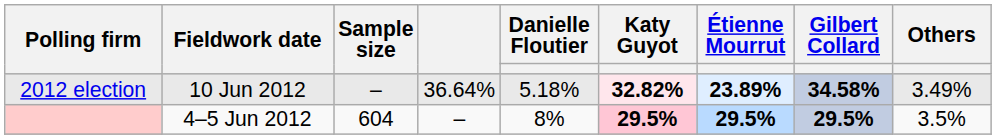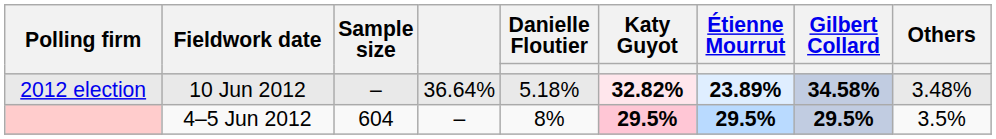 <table class="wikitable sortable" style="text-align:center;font-size:90%;line-height:14px;">
 <tr style="height:40px;">
 <th style="width:100px;" rowspan="2">Polling firm</th>
 <th style="width:110px;" rowspan="2">Fieldwork date</th>
 <th style="width:35px;" rowspan="2">Sample<br>size</th>
 <th style="width:30px;" rowspan="2"></th>
 <th class="unsortable" style="width:60px;">Danielle Floutier<br></th>
 <th class="unsortable" style="width:60px;">Katy Guyot<br></th>
 <th class="unsortable" style="width:60px;"><a href='#'>Étienne Mourrut</a><br></th>
 <th class="unsortable" style="width:60px;"><a href='#'>Gilbert Collard</a><br></th>
 <th class="unsortable" style="width:60px;">Others</th>
 </tr>
 <tr>
 <th style="background:"></th>
 <th style="background:"></th>
 <th style="background:"></th>
 <th style="background:"></th>
 <th style="background:"></th>
 </tr>
 <tr style="background:#E9E9E9;">
 <td><a href='#'>2012 election</a></td>
 <td data-sort-value="2012-06-10">10 Jun 2012</td>
 <td>–</td>
 <td>36.64%</td>
 <td>5.18%</td>
 <td style="background:#FFE6EC;"><strong>32.82%</strong></td>
 <td style="background:#DFEEFF;"><strong>23.89%</strong></td>
 <td style="background:#C1CCE1;"><strong>34.58%</strong></td>
-<td>3.49%</td>
+<td>3.48%</td>
 </tr>
 <tr>
 <td style="background:#FFCCCC;"></td>
 <td data-sort-value="2012-06-05">4–5 Jun 2012</td>
 <td>604</td>
 <td>–</td>
 <td>8%</td>
 <td style="background:#FFC6D5;"><strong>29.5%</strong></td>
 <td style="background:#B9DAFF;"><strong>29.5%</strong></td>
 <td style="background:#C1CCE1;"><strong>29.5%</strong></td>
 <td>3.5%</td>
 </tr>
 </table>
